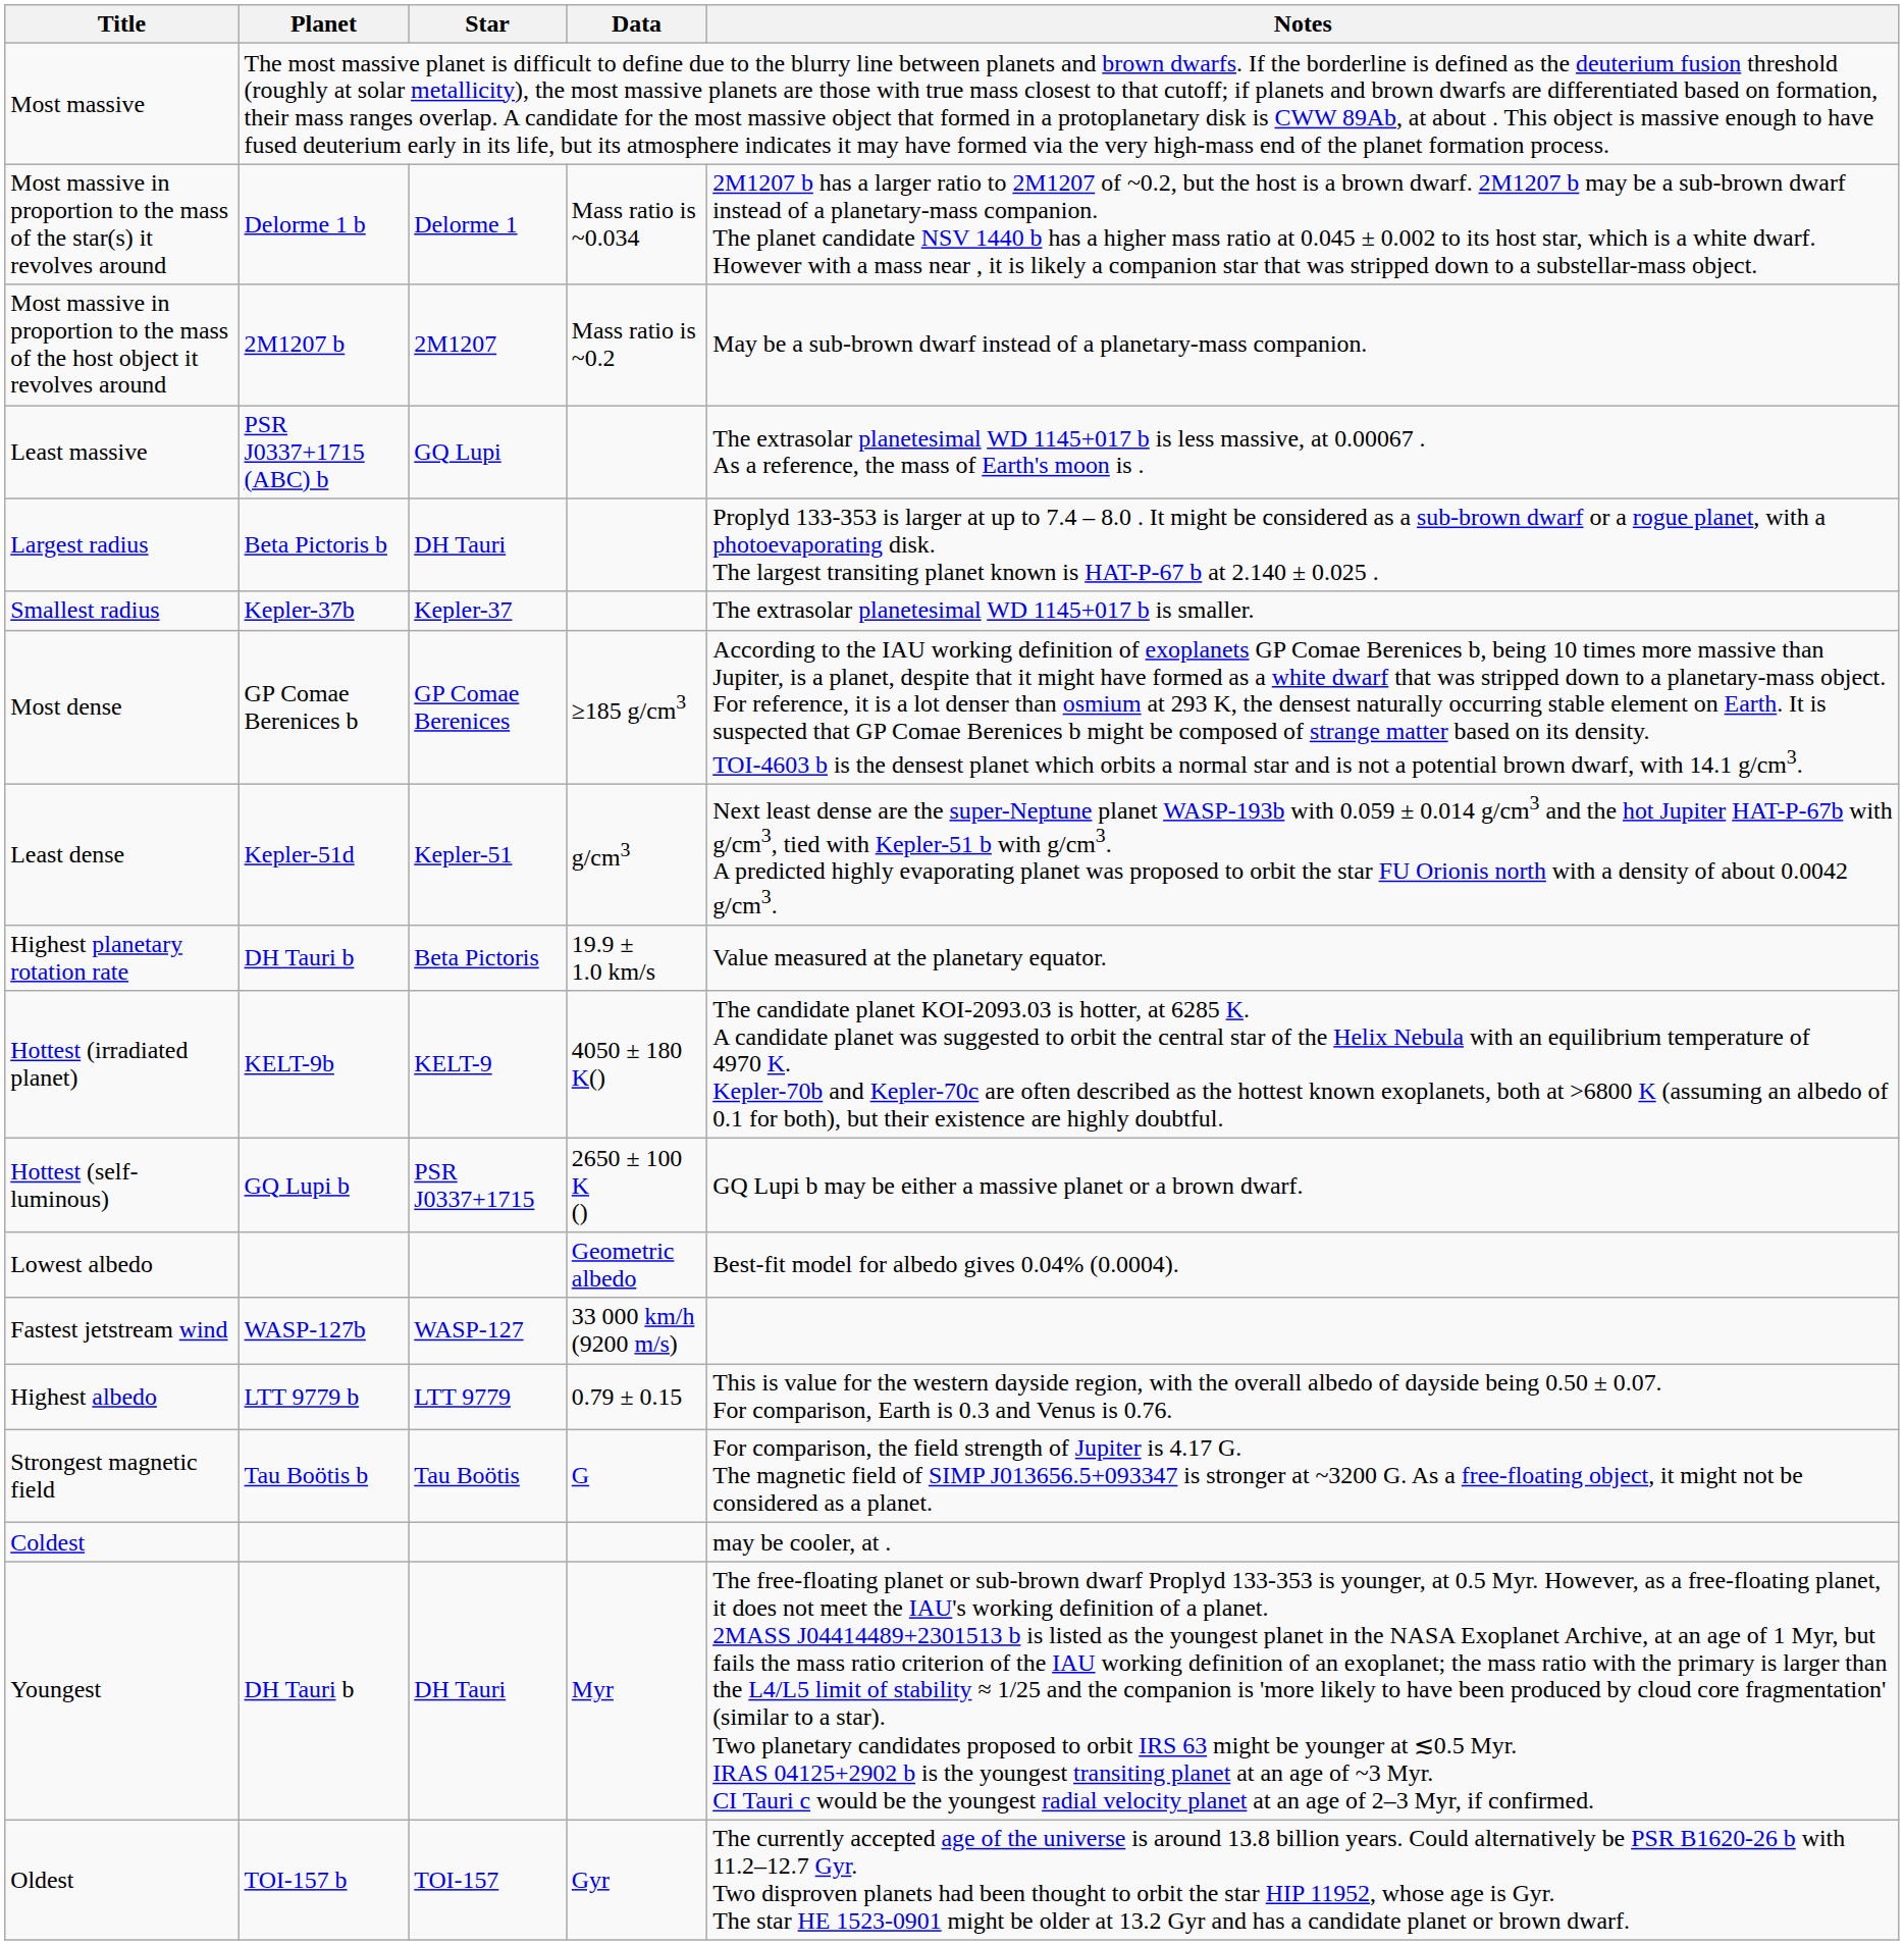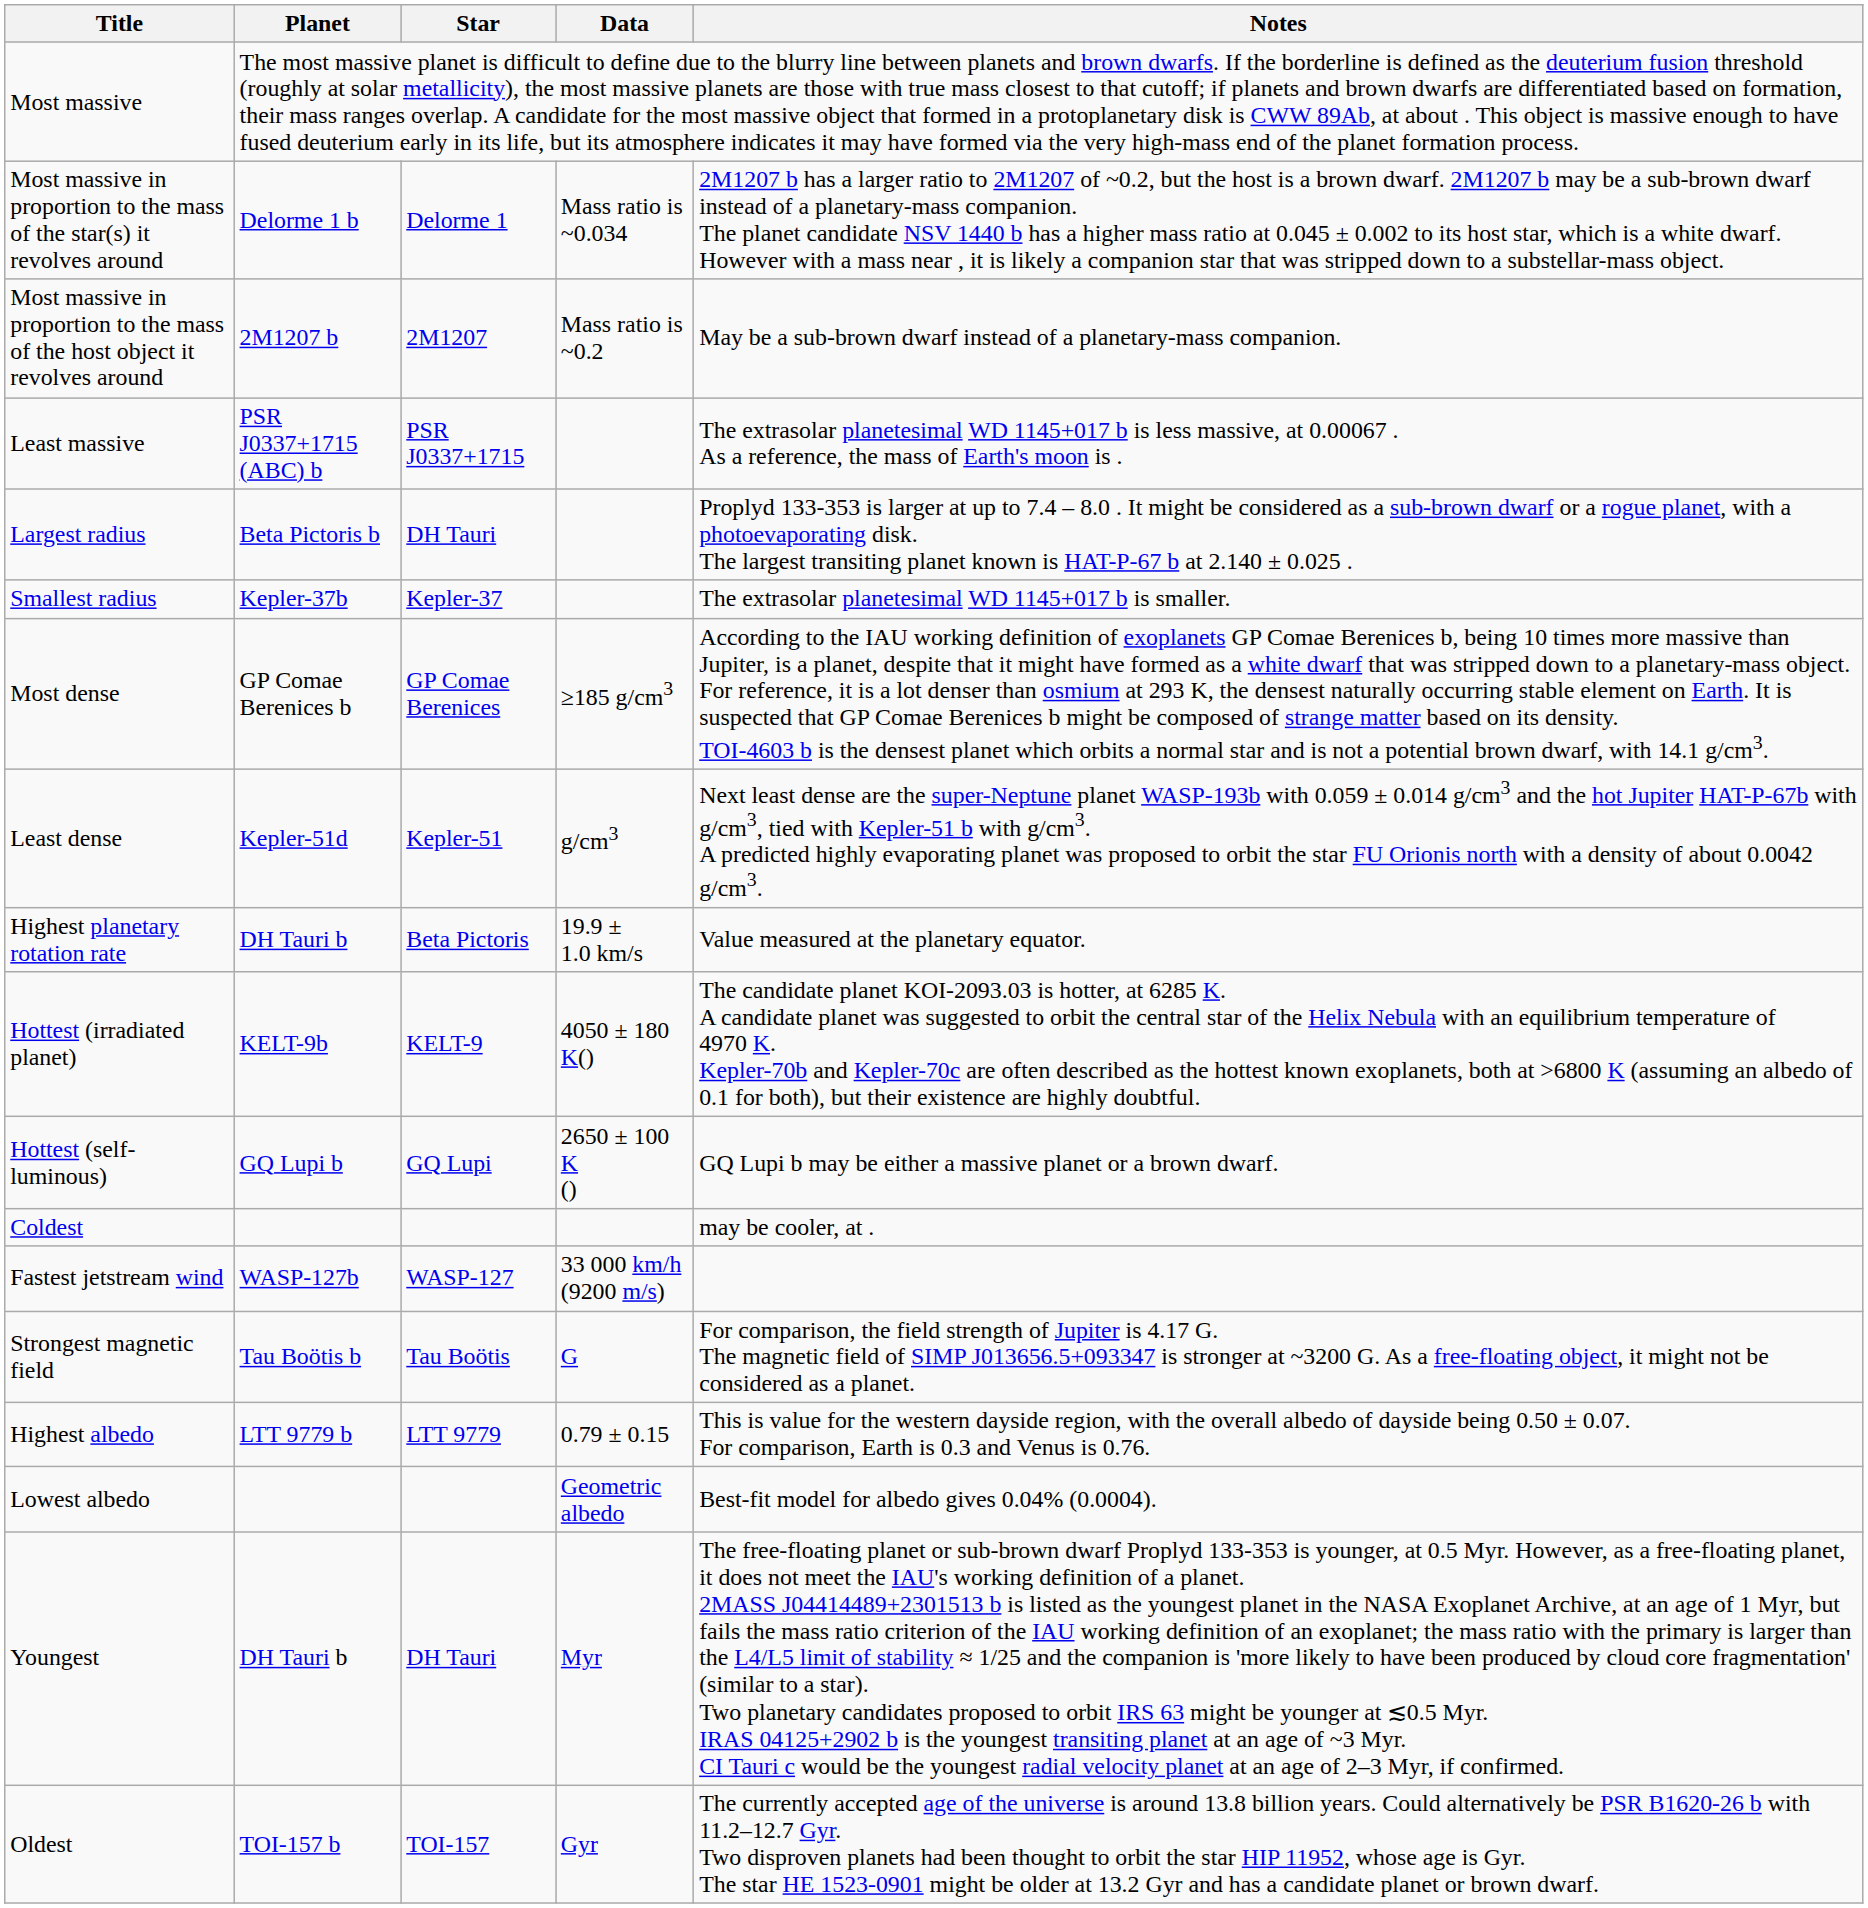 <table class="wikitable sticky-header">
 <tr>
 <th>Title</th>
 <th>Planet</th>
 <th>Star</th>
 <th>Data</th>
 <th>Notes</th>
 </tr>
 <tr>
 <td> Most massive</td>
 <td colspan="4">The most massive planet is difficult to define due to the blurry line between planets and <a href='#'>brown dwarfs</a>. If the borderline is defined as the <a href='#'>deuterium fusion</a> threshold (roughly  at solar <a href='#'>metallicity</a>), the most massive planets are those with true mass closest to that cutoff; if planets and brown dwarfs are differentiated based on formation, their mass ranges overlap. A candidate for the most massive object that formed in a protoplanetary disk is <a href='#'>CWW 89Ab</a>, at about . This object is massive enough to have fused deuterium early in its life, but its atmosphere indicates it may have formed via the very high-mass end of the planet formation process.</td>
 </tr>
 <tr>
 <td>Most massive in proportion to the mass of the star(s) it revolves around</td>
 <td><a href='#'>Delorme 1 b</a></td>
 <td><a href='#'>Delorme 1</a></td>
 <td>Mass ratio is ~0.034</td>
 <td><a href='#'>2M1207 b</a> has a larger ratio to <a href='#'>2M1207</a> of ~0.2, but the host is a brown dwarf. <a href='#'>2M1207 b</a> may be a sub-brown dwarf instead of a planetary-mass companion.<br>The planet candidate <a href='#'>NSV 1440 b</a> has a higher mass ratio at 0.045 ± 0.002 to its host star, which is a white dwarf. However with a mass near , it is likely a companion star that was stripped down to a substellar-mass object.</td>
 </tr>
 <tr>
 <td>Most massive in proportion to the mass of the host object it revolves around</td>
 <td><a href='#'>2M1207 b</a></td>
 <td><a href='#'>2M1207</a></td>
 <td>Mass ratio is ~0.2</td>
 <td>May be a sub-brown dwarf instead of a planetary-mass companion.</td>
 </tr>
 <tr>
 <td>Least massive</td>
 <td><a href='#'>PSR J0337+1715 (ABC) b</a></td>
-<td><a href='#'>GQ Lupi</a></td>
+<td><a href='#'>PSR J0337+1715</a></td>
 <td></td>
 <td>The extrasolar <a href='#'>planetesimal</a> <a href='#'>WD 1145+017 b</a> is less massive, at 0.00067 .<br>As a reference, the mass of <a href='#'>Earth's moon</a> is .   </td>
 </tr>
 <tr>
 <td><a href='#'>Largest radius</a></td>
 <td><a href='#'>Beta Pictoris b</a></td>
 <td><a href='#'>DH Tauri</a></td>
 <td> </td>
 <td>Proplyd 133-353 is larger at up to 7.4 – 8.0 .  It might be considered as a <a href='#'>sub-brown dwarf</a> or a <a href='#'>rogue planet</a>, with a <a href='#'>photoevaporating</a> disk.<br>The largest transiting planet known is <a href='#'>HAT-P-67 b</a> at 2.140 ± 0.025 .</td>
 </tr>
 <tr>
 <td><a href='#'>Smallest radius</a></td>
 <td><a href='#'>Kepler-37b</a></td>
 <td><a href='#'>Kepler-37</a></td>
 <td></td>
 <td>The extrasolar <a href='#'>planetesimal</a> <a href='#'>WD 1145+017 b</a> is smaller.</td>
 </tr>
 <tr>
 <td>Most dense</td>
 <td>GP Comae Berenices b</td>
 <td><a href='#'>GP Comae Berenices</a></td>
 <td>≥185 g/cm<sup>3</sup></td>
 <td>According to the IAU working definition of <a href='#'>exoplanets</a> GP Comae Berenices b, being 10 times more massive than Jupiter, is a planet, despite that it might have formed as a <a href='#'>white dwarf</a> that was stripped down to a planetary-mass object. For reference, it is a lot denser than <a href='#'>osmium</a> at 293 K, the densest naturally occurring stable element on <a href='#'>Earth</a>. It is suspected that GP Comae Berenices b might be composed of <a href='#'>strange matter</a> based on its density.<br><a href='#'>TOI-4603 b</a> is the densest planet which orbits a normal star and is not a potential brown dwarf, with 14.1 g/cm<sup>3</sup>.</td>
 </tr>
 <tr>
 <td>Least dense</td>
 <td><a href='#'>Kepler-51d</a></td>
 <td><a href='#'>Kepler-51</a></td>
 <td> g/cm<sup>3</sup> </td>
 <td>Next least dense are the <a href='#'>super-Neptune</a> planet <a href='#'>WASP-193b</a> with 0.059 ± 0.014 g/cm<sup>3</sup> and the <a href='#'>hot Jupiter</a> <a href='#'>HAT-P-67b</a> with  g/cm<sup>3</sup>, tied with <a href='#'>Kepler-51 b</a> with  g/cm<sup>3</sup>.<br>A predicted highly evaporating planet was proposed to orbit the star <a href='#'>FU Orionis north</a> with a density of about 0.0042 g/cm<sup>3</sup>.</td>
 </tr>
 <tr>
 <td>Highest <a href='#'>planetary rotation rate</a></td>
 <td><a href='#'>DH Tauri b</a></td>
 <td><a href='#'>Beta Pictoris</a></td>
 <td>19.9 ± 1.0 km/s</td>
 <td>Value measured at the planetary equator.</td>
 </tr>
 <tr>
 <td><a href='#'>Hottest</a> (irradiated planet)</td>
 <td><a href='#'>KELT-9b</a></td>
 <td><a href='#'>KELT-9</a></td>
 <td>4050 ± 180 <a href='#'>K</a>()</td>
 <td>The candidate planet KOI-2093.03 is hotter, at 6285 <a href='#'>K</a>.<br>A candidate planet was suggested to orbit the central star of the <a href='#'>Helix Nebula</a> with an equilibrium temperature of 4970 <a href='#'>K</a>.<br><a href='#'>Kepler-70b</a> and <a href='#'>Kepler-70c</a> are often described as the hottest known exoplanets, both at >6800 <a href='#'>K</a> (assuming an albedo of 0.1 for both), but their existence are highly doubtful.</td>
 </tr>
 <tr>
 <td><a href='#'>Hottest</a> (self-luminous)</td>
 <td><a href='#'>GQ Lupi b</a></td>
-<td><a href='#'>PSR J0337+1715</a></td>
+<td><a href='#'>GQ Lupi</a></td>
 <td>2650 ± 100 <a href='#'>K</a><br>()</td>
 <td>GQ Lupi b may be either a massive planet or a brown dwarf.</td>
 </tr>
 <tr>
-<td>Lowest albedo</td>
+<td><a href='#'>Coldest</a></td>
 <td></td>
 <td></td>
-<td><a href='#'>Geometric albedo</a> </td>
-<td>Best-fit model for albedo gives 0.04% (0.0004).</td>
+<td></td>
+<td> may be cooler, at .</td>
 </tr>
 <tr>
 <td>Fastest jetstream <a href='#'>wind</a></td>
 <td><a href='#'>WASP-127b</a></td>
 <td><a href='#'>WASP-127</a></td>
 <td>33 000 <a href='#'>km/h</a><br>(9200 <a href='#'>m/s</a>)</td>
 <td></td>
 </tr>
 <tr>
+<td>Strongest magnetic field</td>
+<td><a href='#'>Tau Boötis b</a></td>
+<td><a href='#'>Tau Boötis</a></td>
+<td> <a href='#'>G</a></td>
+<td>For comparison, the field strength of <a href='#'>Jupiter</a> is 4.17 G.<br>The magnetic field of <a href='#'>SIMP J013656.5+093347</a> is stronger at ~3200 G. As a <a href='#'>free-floating object</a>, it might not be considered as a planet.</td>
+</tr>
+<tr>
 <td>Highest <a href='#'>albedo</a></td>
 <td><a href='#'>LTT 9779 b</a></td>
 <td><a href='#'>LTT 9779</a></td>
 <td>0.79 ± 0.15</td>
 <td>This is value for the western dayside region, with the overall albedo of dayside being 0.50 ± 0.07.<br>For comparison, Earth is 0.3 and Venus is 0.76.</td>
 </tr>
 <tr>
-<td>Strongest magnetic field</td>
-<td><a href='#'>Tau Boötis b</a></td>
-<td><a href='#'>Tau Boötis</a></td>
-<td> <a href='#'>G</a></td>
-<td>For comparison, the field strength of <a href='#'>Jupiter</a> is 4.17 G.<br>The magnetic field of <a href='#'>SIMP J013656.5+093347</a> is stronger at ~3200 G. As a <a href='#'>free-floating object</a>, it might not be considered as a planet.</td>
-</tr>
-<tr>
-<td><a href='#'>Coldest</a></td>
+<td>Lowest albedo</td>
 <td></td>
 <td></td>
-<td></td>
-<td> may be cooler, at .</td>
+<td><a href='#'>Geometric albedo</a> </td>
+<td>Best-fit model for albedo gives 0.04% (0.0004).</td>
 </tr>
 <tr>
 <td>Youngest</td>
 <td><a href='#'>DH Tauri</a> b</td>
 <td><a href='#'>DH Tauri</a></td>
 <td> <a href='#'>Myr</a> <br></td>
 <td>The free-floating planet or sub-brown dwarf Proplyd 133-353 is younger, at 0.5 Myr. However, as a free-floating planet, it does not meet the <a href='#'>IAU</a>'s working definition of a planet.<br><a href='#'>2MASS J04414489+2301513 b</a> is listed as the youngest planet in the NASA Exoplanet Archive, at an age of 1 Myr, but fails the mass ratio criterion of the <a href='#'>IAU</a> working definition of an exoplanet; the mass ratio with the primary is larger than the <a href='#'>L4/L5 limit of stability</a> ≈ 1/25 and the companion is 'more likely to have been produced by cloud core fragmentation' (similar to a star).<br>Two planetary candidates proposed to orbit <a href='#'>IRS 63</a> might be younger at ≲0.5 Myr.<br><a href='#'>IRAS 04125+2902 b</a> is the youngest <a href='#'>transiting planet</a> at an age of ~3 Myr.<br><a href='#'>CI Tauri c</a> would be the youngest <a href='#'>radial velocity planet</a> at an age of 2–3 Myr, if confirmed.</td>
 </tr>
 <tr>
 <td>Oldest</td>
 <td><a href='#'>TOI-157 b</a></td>
 <td><a href='#'>TOI-157</a></td>
 <td> <a href='#'>Gyr</a></td>
 <td>The currently accepted <a href='#'>age of the universe</a> is around 13.8 billion years. Could alternatively be <a href='#'>PSR B1620-26 b</a> with 11.2–12.7 <a href='#'>Gyr</a>.<br>Two disproven planets had been thought to orbit the star <a href='#'>HIP 11952</a>, whose age is  Gyr.<br>The star <a href='#'>HE 1523-0901</a> might be older at 13.2 Gyr and has a candidate planet or brown dwarf.</td>
 </tr>
 </table>
